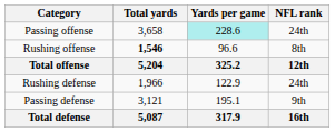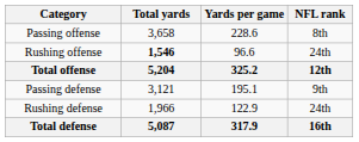 <table class="wikitable" style="text-align:center">
 <tr>
 <th width=150px>Category</th>
 <th width=100px>Total yards</th>
 <th width=110px>Yards per game</th>
 <th width=80px>NFL rank<br></th>
 </tr>
 <tr>
 <td>Passing offense</td>
 <td>3,658</td>
-<td style="background: paleturquoise;">228.6</td>
-<td>24th</td>
+<td>228.6</td>
+<td>8th</td>
 </tr>
 <tr>
 <td>Rushing offense</td>
 <td><strong>1,546</strong></td>
 <td>96.6</td>
-<td>8th</td>
+<td>24th</td>
 </tr>
 <tr>
 <th>Total offense</th>
 <th>5,204</th>
 <th>325.2</th>
 <th>12th</th>
 </tr>
 <tr>
+<td>Passing defense</td>
+<td>3,121</td>
+<td>195.1</td>
+<td>9th</td>
+</tr>
+<tr>
 <td>Rushing defense</td>
 <td>1,966</td>
 <td>122.9</td>
 <td>24th</td>
-</tr>
-<tr>
-<td>Passing defense</td>
-<td>3,121</td>
-<td>195.1</td>
-<td>9th</td>
 </tr>
 <tr>
 <th>Total defense</th>
 <th>5,087</th>
 <th>317.9</th>
 <th>16th</th>
 </tr>
 </table>
